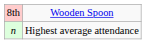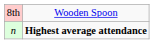 <table class="wikitable" style="font-size:90%; text-align:center">
 <tr>
 <td style="background:#FFCCCC">8th</td>
 <td><a href='#'>Wooden Spoon</a></td>
 </tr>
 <tr>
 <td style="background:#dfd"><em>n</em></td>
-<td>Highest average attendance</td>
+<td><strong>Highest average attendance</strong></td>
 </tr>
 </table>
